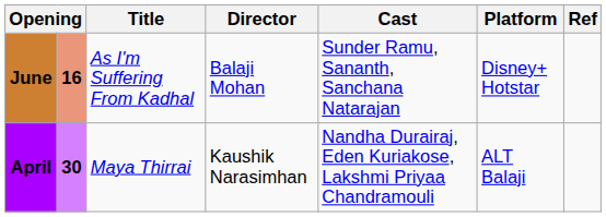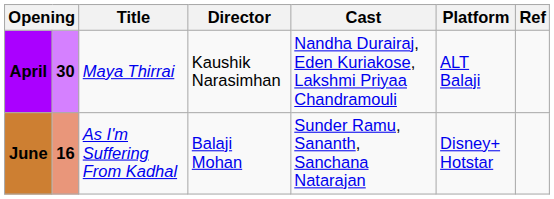 <table class="wikitable" width="85%">
 <tr>
 <th colspan="2">Opening</th>
 <th style="width:20%;">Title</th>
 <th>Director</th>
 <th>Cast</th>
 <th>Platform</th>
 <th>Ref</th>
 </tr>
 <tr>
+<td style="text-align:center; background:#a0f; textcolor:#d580ff;"><strong>April</strong></td>
+<td style="text-align:center; background:#d580ff;"><strong>30</strong></td>
+<td><em><a href='#'>Maya Thirrai</a></em></td>
+<td>Kaushik Narasimhan</td>
+<td><a href='#'>Nandha Durairaj</a>, <a href='#'>Eden Kuriakose</a>, <a href='#'>Lakshmi Priyaa Chandramouli</a></td>
+<td><a href='#'>ALT Balaji</a></td>
+<td></td>
+</tr>
+<tr>
 <td style="text-align:center; background:#cd7f32; textcolor:#000;"><strong>June</strong></td>
 <td style="text-align:center; background:#e9967a;"><strong>16</strong></td>
 <td><em><a href='#'>As I'm Suffering From Kadhal</a></em></td>
 <td><a href='#'>Balaji Mohan</a></td>
 <td><a href='#'>Sunder Ramu</a>, <a href='#'>Sananth</a>, <a href='#'>Sanchana Natarajan</a></td>
 <td><a href='#'>Disney+ Hotstar</a></td>
 <td></td>
 </tr>
-<tr>
-<td style="text-align:center; background:#a0f; textcolor:#d580ff;"><strong>April</strong></td>
-<td style="text-align:center; background:#d580ff;"><strong>30</strong></td>
-<td><em><a href='#'>Maya Thirrai</a></em></td>
-<td>Kaushik Narasimhan</td>
-<td><a href='#'>Nandha Durairaj</a>, <a href='#'>Eden Kuriakose</a>, <a href='#'>Lakshmi Priyaa Chandramouli</a></td>
-<td><a href='#'>ALT Balaji</a></td>
-<td></td>
-</tr>
 </table>
